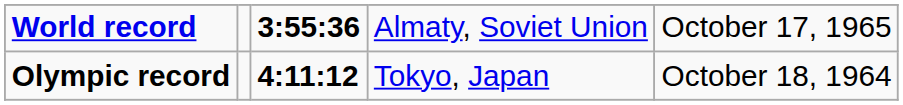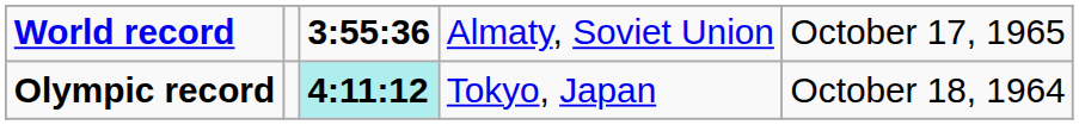 <table class="wikitable">
 <tr>
 <td><strong><a href='#'>World record</a></strong></td>
 <td></td>
 <td><strong>3:55:36</strong></td>
 <td><a href='#'>Almaty</a>, <a href='#'>Soviet Union</a></td>
 <td>October 17, 1965</td>
 </tr>
 <tr>
 <td><strong>Olympic record</strong></td>
 <td></td>
-<td><strong>4:11:12</strong></td>
+<td style="background: paleturquoise;"><strong>4:11:12</strong></td>
 <td><a href='#'>Tokyo</a>, <a href='#'>Japan</a></td>
 <td>October 18, 1964</td>
 </tr>
 </table>
